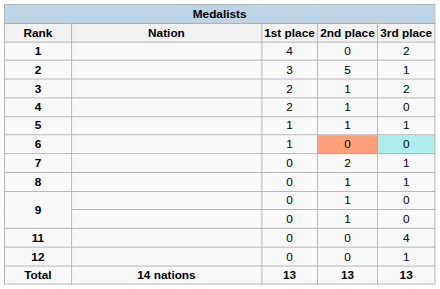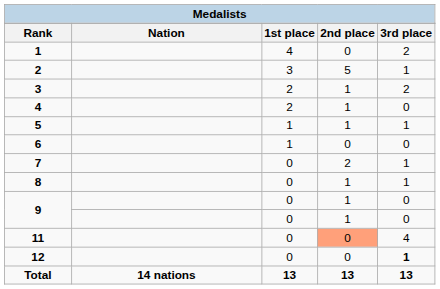 <table class="wikitable" style="text-align:center; font-size:90%"">
 <tr>
 <td colspan="6" style="background:#BCD4E6"><strong>Medalists</strong></td>
 </tr>
 <tr>
 </tr>
 <tr style="background-color:#EDEDED;">
 <th width="75px" class="hintergrundfarbe5">Rank</th>
 <th width="225px" class="hintergrundfarbe6">Nation</th>
 <th>1st place</th>
 <th>2nd place</th>
 <th>3rd place</th>
 </tr>
 <tr>
 <td><strong>1</strong></td>
 <td align=left></td>
 <td>4</td>
 <td>0</td>
 <td>2</td>
 </tr>
 <tr>
 <td><strong>2</strong></td>
 <td align=left></td>
 <td>3</td>
 <td>5</td>
 <td>1</td>
 </tr>
 <tr>
 <td><strong>3</strong></td>
 <td align=left></td>
 <td>2</td>
 <td>1</td>
 <td>2</td>
 </tr>
 <tr>
 <td><strong>4</strong></td>
 <td align=left></td>
 <td>2</td>
 <td>1</td>
 <td>0</td>
 </tr>
 <tr>
 <td><strong>5</strong></td>
 <td align=left></td>
 <td>1</td>
 <td>1</td>
 <td>1</td>
 </tr>
 <tr>
 <td><strong>6</strong></td>
 <td align=left></td>
 <td>1</td>
-<td style="background: lightsalmon;">0</td>
-<td style="background: paleturquoise;">0</td>
+<td>0</td>
+<td>0</td>
 </tr>
 <tr>
 <td><strong>7</strong></td>
 <td align=left></td>
 <td>0</td>
 <td>2</td>
 <td>1</td>
 </tr>
 <tr>
 <td><strong>8</strong></td>
 <td align=left></td>
 <td>0</td>
 <td>1</td>
 <td>1</td>
 </tr>
 <tr>
 <td rowspan="2"><strong>9</strong></td>
 <td align=left></td>
 <td>0</td>
 <td>1</td>
 <td>0</td>
 </tr>
 <tr>
 <td align=left></td>
 <td>0</td>
 <td>1</td>
 <td>0</td>
 </tr>
 <tr>
 <td><strong>11</strong></td>
 <td align=left></td>
 <td>0</td>
-<td>0</td>
+<td style="background: lightsalmon;">0</td>
 <td>4</td>
 </tr>
 <tr>
 <td><strong>12</strong></td>
 <td align=left><em></em></td>
 <td>0</td>
 <td>0</td>
-<td>1</td>
+<td><strong>1</strong></td>
 </tr>
 <tr>
 <td><strong>Total</strong></td>
 <td><strong>14 nations</strong></td>
 <td><strong>13</strong></td>
 <td><strong>13</strong></td>
 <td><strong>13</strong></td>
 </tr>
 </table>
